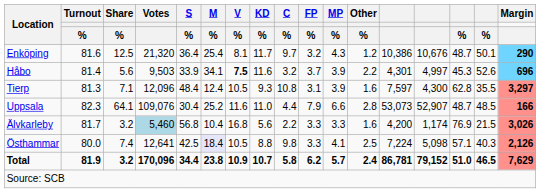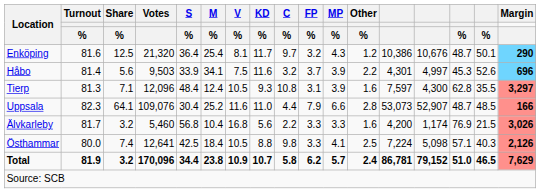 <table class="wikitable sortable" style="text-align:right; font-size:95%; line-height:20px;">
 <tr>
 <th rowspan="3">Location</th>
 <th>Turnout</th>
 <th>Share</th>
 <th>Votes</th>
 <th width="30px" class="unsortable"><a href='#'>S</a></th>
 <th width="30px" class="unsortable"><a href='#'>M</a></th>
 <th width="30px" class="unsortable"><a href='#'>V</a></th>
 <th width="30px" class="unsortable"><a href='#'>KD</a></th>
 <th width="30px" class="unsortable"><a href='#'>C</a></th>
 <th width="30px" class="unsortable"><a href='#'>FP</a></th>
 <th width="30px" class="unsortable"><a href='#'>MP</a></th>
 <th width="30px" class="unsortable">Other</th>
 <th></th>
 <th></th>
 <th></th>
 <th></th>
 <th>Margin</th>
 </tr>
 <tr>
 <th></th>
 <th></th>
 <th></th>
 <th style="background:"></th>
 <th style="background:"></th>
 <th style="background:"></th>
 <th style="background:"></th>
 <th style="background:"></th>
 <th style="background:"></th>
 <th style="background:"></th>
 <th style="background:"></th>
 <th style="background:"></th>
 <th style="background:"></th>
 <th style="background:"></th>
 <th style="background:"></th>
 </tr>
 <tr>
 <th data-sort-type="number">%</th>
 <th data-sort-type="number">%</th>
 <th></th>
 <th data-sort-type="number">%</th>
 <th data-sort-type="number">%</th>
 <th data-sort-type="number">%</th>
 <th data-sort-type="number">%</th>
 <th data-sort-type="number">%</th>
 <th data-sort-type="number">%</th>
 <th data-sort-type="number">%</th>
 <th data-sort-type="number">%</th>
 <th data-sort-type="number"></th>
 <th data-sort-type="number"></th>
 <th data-sort-type="number">%</th>
 <th data-sort-type="number">%</th>
 <th data-sort-type="number"></th>
 </tr>
 <tr>
 <td align=left><a href='#'>Enköping</a></td>
 <td>81.6</td>
 <td>12.5</td>
 <td>21,320</td>
 <td>36.4</td>
 <td>25.4</td>
 <td>8.1</td>
 <td>11.7</td>
 <td>9.7</td>
 <td>3.2</td>
 <td>4.3</td>
 <td>1.2</td>
 <td>10,386</td>
 <td>10,676</td>
 <td>48.7</td>
 <td>50.1</td>
 <td bgcolor=#6fd5fe><strong>290</strong></td>
 </tr>
 <tr>
 <td align=left><a href='#'>Håbo</a></td>
 <td>81.4</td>
 <td>5.6</td>
 <td>9,503</td>
 <td>33.9</td>
 <td>34.1</td>
-<td><strong>7.5</strong></td>
+<td>7.5</td>
 <td>11.6</td>
 <td>3.2</td>
 <td>3.7</td>
 <td>3.9</td>
 <td>2.2</td>
 <td>4,301</td>
 <td>4,997</td>
 <td>45.3</td>
 <td>52.6</td>
 <td bgcolor=#6fd5fe><strong>696</strong></td>
 </tr>
 <tr>
 <td align=left><a href='#'>Tierp</a></td>
 <td>81.3</td>
 <td>7.1</td>
 <td>12,096</td>
 <td>48.4</td>
 <td>12.4</td>
 <td>10.5</td>
 <td>9.3</td>
 <td>10.8</td>
 <td>3.1</td>
 <td>3.9</td>
 <td>1.6</td>
 <td>7,597</td>
 <td>4,300</td>
 <td>62.8</td>
 <td>35.5</td>
 <td bgcolor=#ff908c><strong>3,297</strong></td>
 </tr>
 <tr>
 <td align=left><a href='#'>Uppsala</a></td>
 <td>82.3</td>
 <td>64.1</td>
 <td>109,076</td>
 <td>30.4</td>
 <td>25.2</td>
 <td>11.6</td>
 <td>11.0</td>
 <td>4.4</td>
 <td>7.9</td>
 <td>6.6</td>
 <td>2.8</td>
 <td>53,073</td>
 <td>52,907</td>
 <td>48.7</td>
 <td>48.5</td>
 <td bgcolor=#ff908c><strong>166</strong></td>
 </tr>
 <tr>
 <td align=left><a href='#'>Älvkarleby</a></td>
 <td>81.7</td>
 <td>3.2</td>
-<td style="background: lightblue;">5,460</td>
+<td>5,460</td>
 <td>56.8</td>
 <td>10.4</td>
 <td>16.8</td>
 <td>5.6</td>
 <td>2.2</td>
 <td>3.3</td>
 <td>3.3</td>
 <td>1.6</td>
 <td>4,200</td>
 <td>1,174</td>
 <td>76.9</td>
 <td>21.5</td>
 <td bgcolor=#ff908c><strong>3,026</strong></td>
 </tr>
 <tr>
 <td align=left><a href='#'>Östhammar</a></td>
 <td>80.0</td>
 <td>7.4</td>
 <td>12,641</td>
 <td>42.5</td>
-<td style="background: lavender;">18.4</td>
+<td>18.4</td>
 <td>10.5</td>
 <td>8.8</td>
 <td>9.8</td>
 <td>3.3</td>
 <td>4.1</td>
 <td>2.5</td>
 <td>7,224</td>
 <td>5,098</td>
 <td>57.1</td>
 <td>40.3</td>
 <td bgcolor=#ff908c><strong>2,126</strong></td>
 </tr>
 <tr>
 <td align=left><strong>Total</strong></td>
 <td><strong>81.9</strong></td>
 <td><strong>3.2</strong></td>
 <td><strong>170,096</strong></td>
 <td><strong>34.4</strong></td>
 <td><strong>23.8</strong></td>
 <td><strong>10.9</strong></td>
 <td><strong>10.7</strong></td>
 <td><strong>5.8</strong></td>
 <td><strong>6.2</strong></td>
 <td><strong>5.7</strong></td>
 <td><strong>2.4</strong></td>
 <td><strong>86,781</strong></td>
 <td><strong>79,152</strong></td>
 <td><strong>51.0</strong></td>
 <td><strong>46.5</strong></td>
 <td bgcolor=#ff908c><strong>7,629</strong></td>
 </tr>
 <tr>
 <td align=left colspan=17>Source: SCB </td>
 </tr>
 </table>
